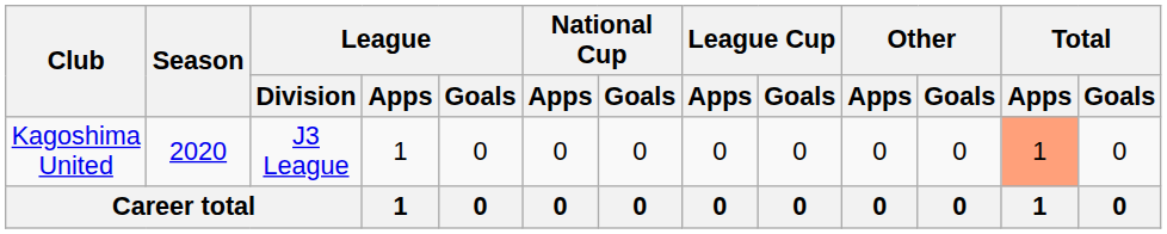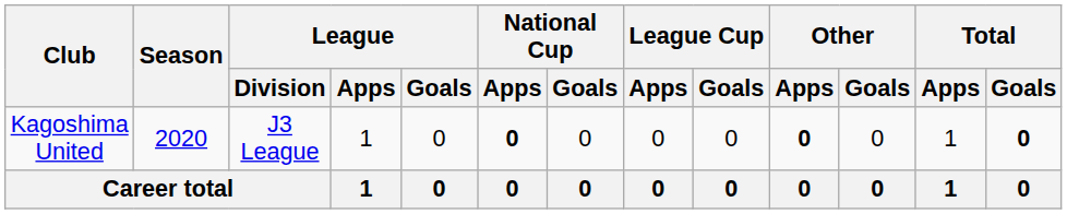 <table class="wikitable" style="text-align: center">
 <tr>
 <th rowspan="2">Club</th>
 <th rowspan="2">Season</th>
 <th colspan="3">League</th>
 <th colspan="2">National Cup</th>
 <th colspan="2">League Cup</th>
 <th colspan="2">Other</th>
 <th colspan="2">Total</th>
 </tr>
 <tr>
 <th>Division</th>
 <th>Apps</th>
 <th>Goals</th>
 <th>Apps</th>
 <th>Goals</th>
 <th>Apps</th>
 <th>Goals</th>
 <th>Apps</th>
 <th>Goals</th>
 <th>Apps</th>
 <th>Goals</th>
 </tr>
 <tr>
 <td><a href='#'>Kagoshima United</a></td>
 <td><a href='#'>2020</a></td>
 <td><a href='#'>J3 League</a></td>
 <td>1</td>
 <td>0</td>
+<td><strong>0</strong></td>
 <td>0</td>
 <td>0</td>
 <td>0</td>
+<td><strong>0</strong></td>
 <td>0</td>
-<td>0</td>
-<td>0</td>
-<td style="background: lightsalmon;">1</td>
-<td>0</td>
+<td>1</td>
+<td><strong>0</strong></td>
 </tr>
 <tr>
 <th colspan=3>Career total</th>
 <th>1</th>
 <th>0</th>
 <th>0</th>
 <th>0</th>
 <th>0</th>
 <th>0</th>
 <th>0</th>
 <th>0</th>
 <th>1</th>
 <th>0</th>
 </tr>
 </table>
